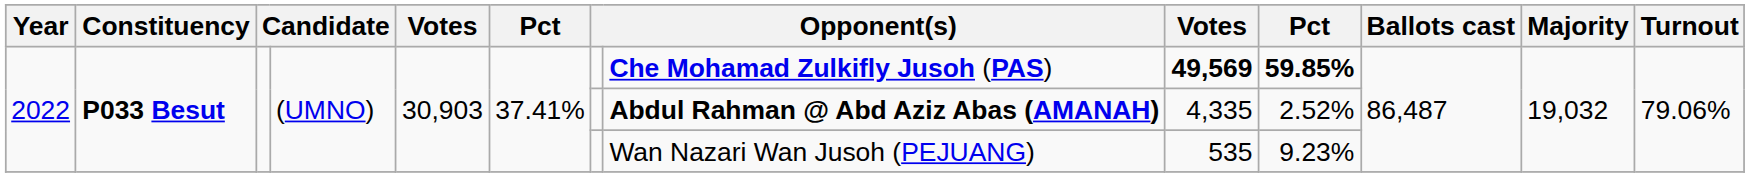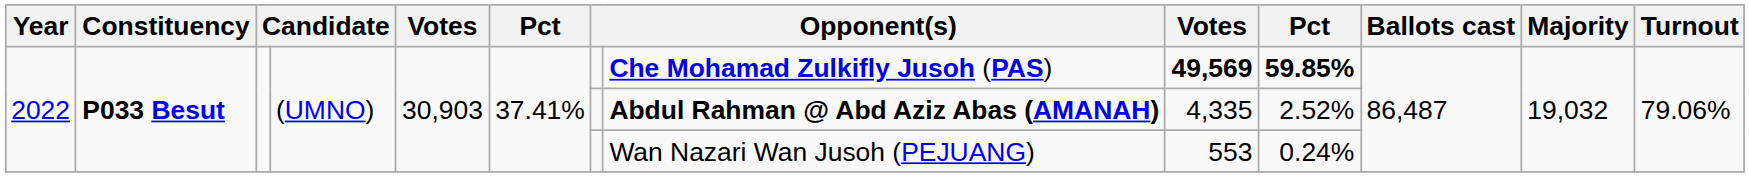 <table class="wikitable" style="margin:0.5em ; font-size:95%">
 <tr>
 <th>Year</th>
 <th>Constituency</th>
 <th colspan=2>Candidate</th>
 <th>Votes</th>
 <th>Pct</th>
 <th colspan=2>Opponent(s)</th>
 <th>Votes</th>
 <th>Pct</th>
 <th>Ballots cast</th>
 <th>Majority</th>
 <th>Turnout</th>
 </tr>
 <tr>
 <td rowspan="3"><a href='#'>2022</a></td>
 <td rowspan="3"><strong>P033 <a href='#'>Besut</a></strong></td>
 <td rowspan="3" ></td>
 <td rowspan="3"> (<a href='#'>UMNO</a>)</td>
 <td rowspan="3" align="right">30,903</td>
 <td rowspan="3">37.41%</td>
 <td></td>
 <td><strong><a href='#'>Che Mohamad Zulkifly Jusoh</a></strong>  (<strong><a href='#'>PAS</a></strong>)</td>
 <td align="right"><strong>49,569</strong></td>
 <td><strong>59.85%</strong></td>
 <td rowspan="3">86,487</td>
 <td rowspan="3">19,032</td>
 <td rowspan="3">79.06%</td>
 </tr>
 <tr>
 <td></td>
 <td><strong>Abdul Rahman @ Abd Aziz Abas  (<a href='#'>AMANAH</a>)</strong></td>
 <td align="right">4,335</td>
 <td align="right">2.52%</td>
 </tr>
 <tr>
 <td bgcolor=></td>
 <td>Wan Nazari Wan Jusoh  (<a href='#'>PEJUANG</a>)</td>
-<td align="right">535</td>
-<td align="right">9.23%</td>
+<td align="right">553</td>
+<td align="right">0.24%</td>
 </tr>
 </table>
